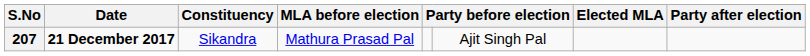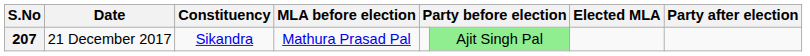 <table class="wikitable sortable" style="text-align:center;">
 <tr>
 <th>S.No</th>
 <th>Date</th>
 <th>Constituency</th>
 <th>MLA before election</th>
 <th colspan="2">Party before election</th>
 <th>Elected MLA</th>
 <th colspan="2">Party after election</th>
 </tr>
 <tr>
 <th>207</th>
-<td><strong>21 December 2017</strong></td>
+<td>21 December 2017</td>
 <td><a href='#'>Sikandra</a></td>
 <td><a href='#'>Mathura Prasad Pal</a></td>
 <td></td>
-<td>Ajit Singh Pal</td>
+<td style="background: lightgreen;">Ajit Singh Pal</td>
 <td></td>
 </tr>
 </table>
